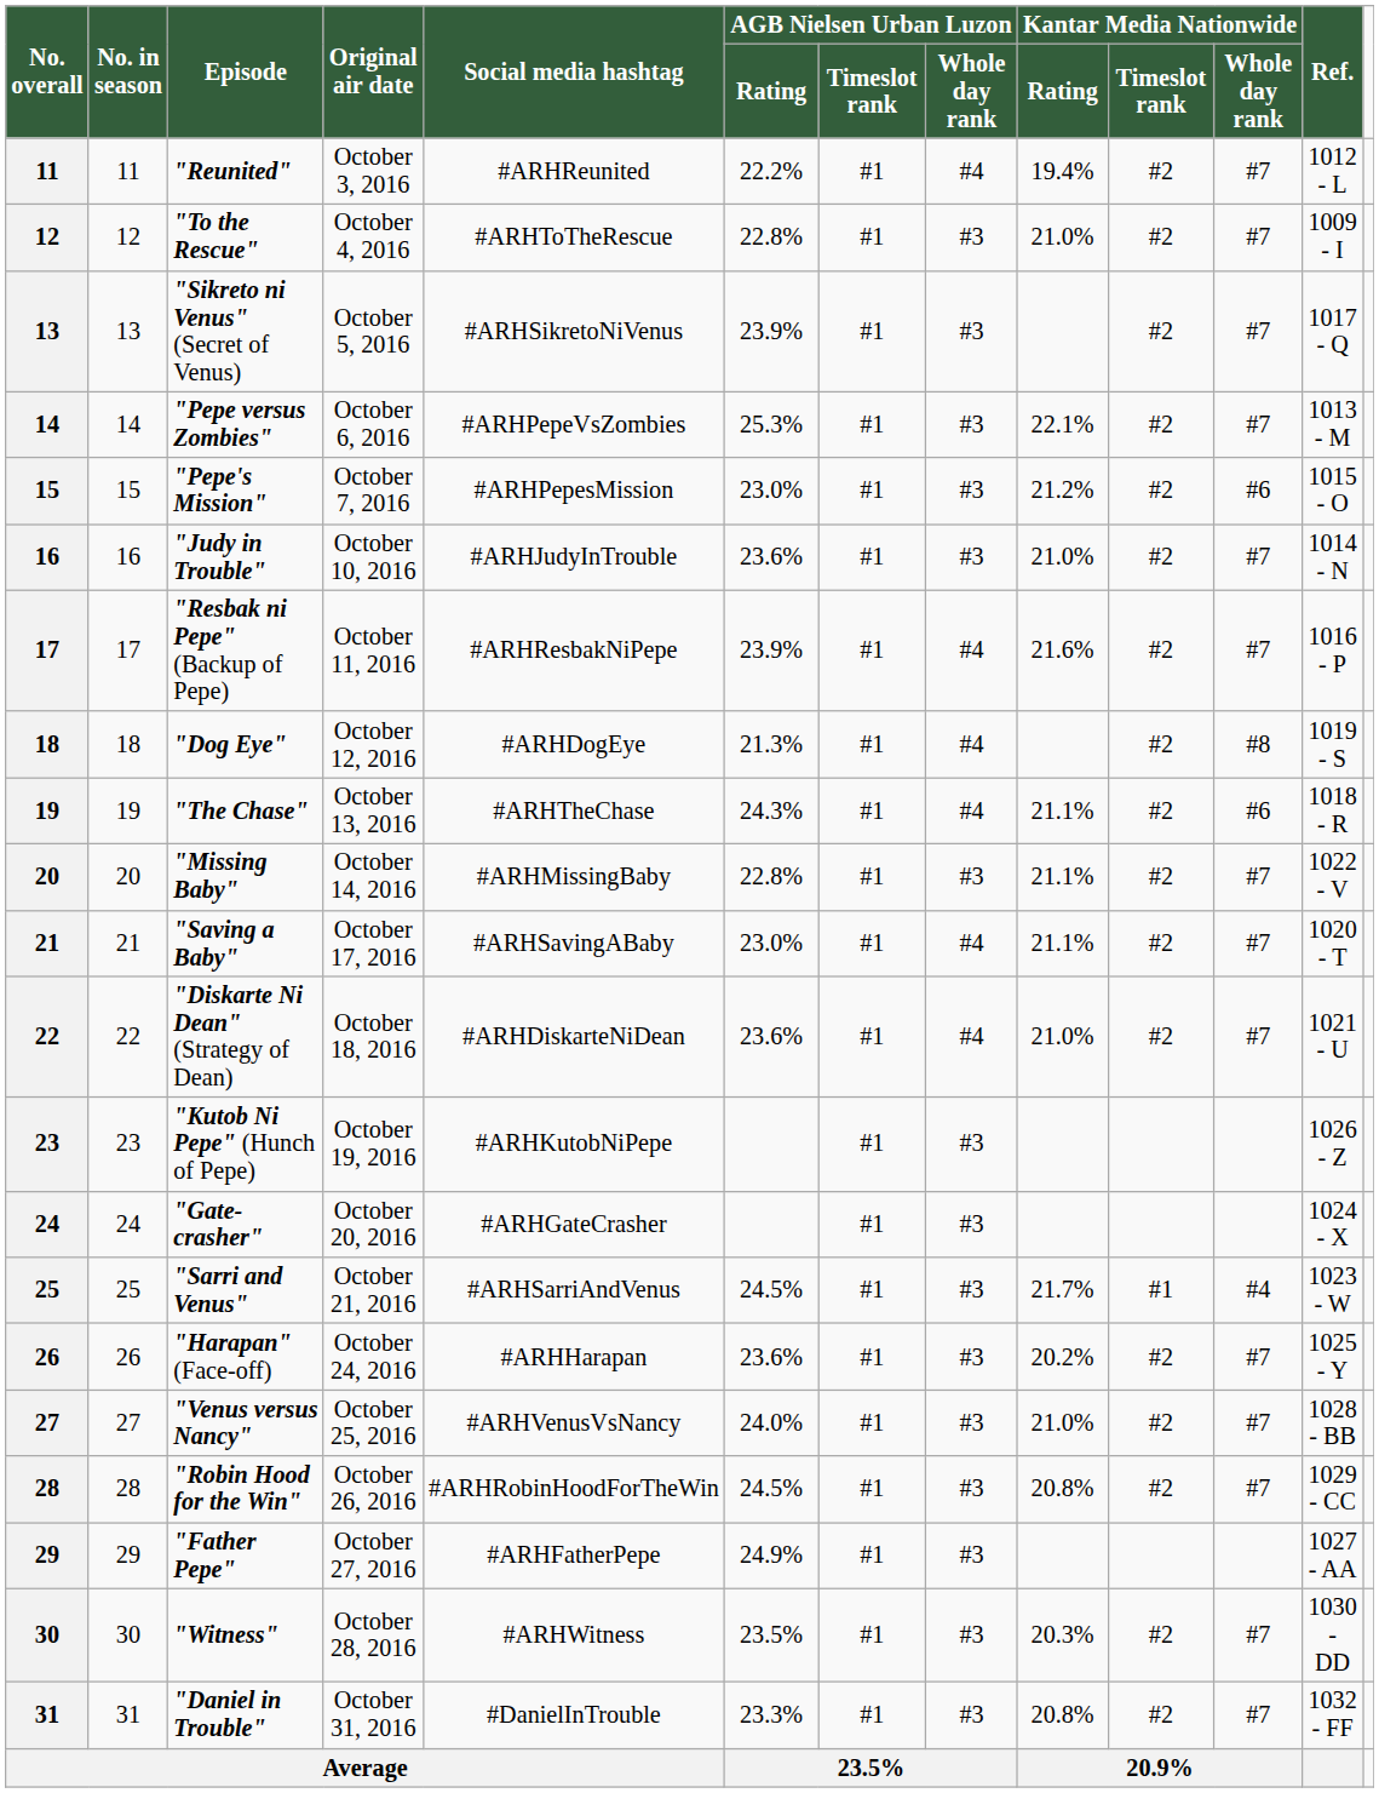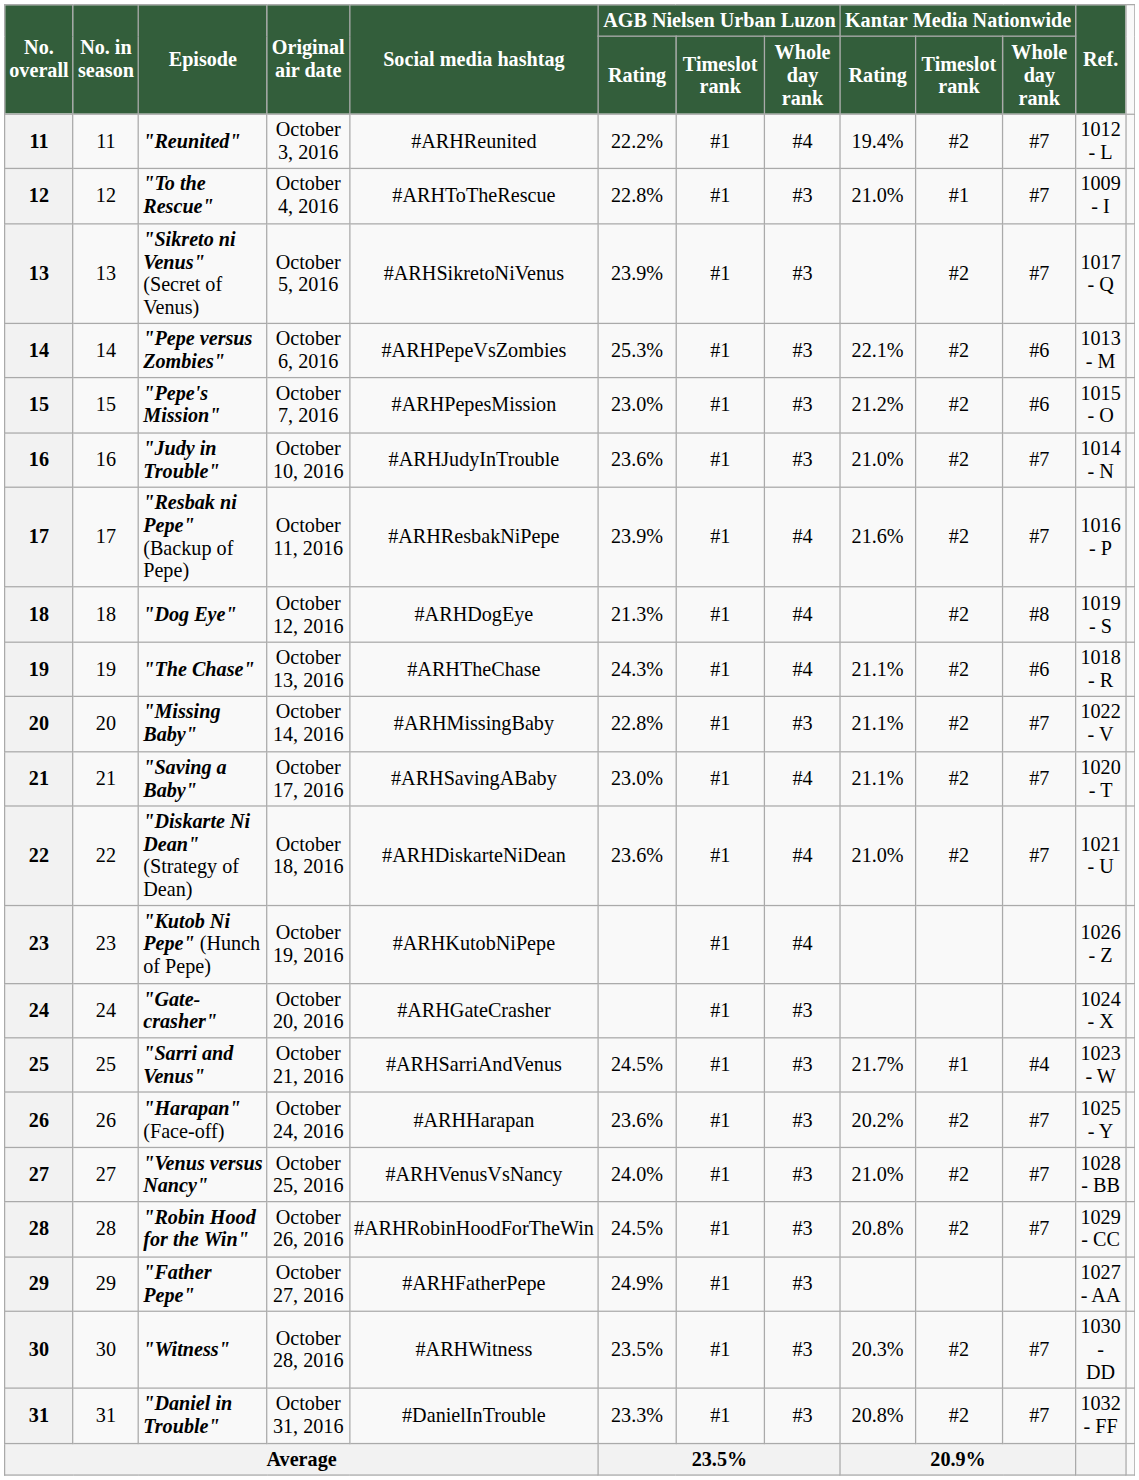 <table class="wikitable" style="text-align:center; font-size:100%; line-height:18px;"  width="100%">
 <tr>
 <th style="background-color:#335E3B; color:#ffffff;" rowspan="2">No.<br>overall</th>
 <th style="background-color:#335E3B; color:#ffffff;" rowspan="2">No. in<br>season</th>
 <th style="background-color:#335E3B; color:#ffffff;" rowspan="2">Episode</th>
 <th style="background:#335E3B; color:white" rowspan="2">Original air date</th>
 <th style="background:#335E3B; color:white" rowspan="2">Social media hashtag</th>
 <th style="background-color:#335E3B; color:#ffffff;" colspan="3">AGB Nielsen Urban Luzon</th>
 <th style="background-color:#335E3B; color:#ffffff;" colspan="3">Kantar Media Nationwide</th>
 <th style="background-color:#335E3B; color:#ffffff;" rowspan="2">Ref.</th>
 </tr>
 <tr>
 <th style="background-color:#335E3B; width:75px; color:#ffffff;">Rating</th>
 <th style="background-color:#335E3B; width:75px; color:#ffffff;">Timeslot<br>rank</th>
 <th style="background-color:#335E3B; width:75px; color:#ffffff;">Whole day<br>rank</th>
 <th style="background-color:#335E3B; width:75px; color:#ffffff;">Rating</th>
 <th style="background-color:#335E3B; width:75px; color:#ffffff;">Timeslot<br>rank</th>
 <th style="background-color:#335E3B; width:75px; color:#ffffff;">Whole day<br>rank</th>
 </tr>
 <tr>
 <th>11</th>
 <td>11</td>
 <td style="text-align: left;"><strong><em>"Reunited"</em></strong></td>
 <td>October 3, 2016</td>
 <td>#ARHReunited</td>
 <td>22.2%</td>
 <td>#1</td>
 <td>#4</td>
 <td>19.4%</td>
 <td>#2</td>
 <td>#7</td>
 <td>1012 - L</td>
 <td></td>
 </tr>
 <tr>
 <th>12</th>
 <td>12</td>
 <td style="text-align: left;"><strong><em>"To the Rescue"</em></strong></td>
 <td>October 4, 2016</td>
 <td>#ARHToTheRescue</td>
 <td>22.8%</td>
 <td>#1</td>
 <td>#3</td>
 <td>21.0%</td>
-<td>#2</td>
+<td>#1</td>
 <td>#7</td>
 <td>1009 - I</td>
 <td></td>
 </tr>
 <tr>
 <th>13</th>
 <td>13</td>
 <td style="text-align: left;"><strong><em>"Sikreto ni Venus"</em></strong> (Secret of Venus)</td>
 <td>October 5, 2016</td>
 <td>#ARHSikretoNiVenus</td>
 <td>23.9%</td>
 <td>#1</td>
 <td>#3</td>
 <td></td>
 <td>#2</td>
 <td>#7</td>
 <td>1017 - Q</td>
 <td></td>
 </tr>
 <tr>
 <th>14</th>
 <td>14</td>
 <td style="text-align: left;"><strong><em>"Pepe versus Zombies"</em></strong></td>
 <td>October 6, 2016</td>
 <td>#ARHPepeVsZombies</td>
 <td>25.3%</td>
 <td>#1</td>
 <td>#3</td>
 <td>22.1%</td>
 <td>#2</td>
-<td>#7</td>
+<td>#6</td>
 <td>1013 - M</td>
 <td></td>
 </tr>
 <tr>
 <th>15</th>
 <td>15</td>
 <td style="text-align: left;"><strong><em>"Pepe's Mission"</em></strong></td>
 <td>October 7, 2016</td>
 <td>#ARHPepesMission</td>
 <td>23.0%</td>
 <td>#1</td>
 <td>#3</td>
 <td>21.2%</td>
 <td>#2</td>
 <td>#6</td>
 <td>1015 - O</td>
 <td></td>
 </tr>
 <tr>
 <th>16</th>
 <td>16</td>
 <td style="text-align: left;"><strong><em>"Judy in Trouble"</em></strong></td>
 <td>October 10, 2016</td>
 <td>#ARHJudyInTrouble</td>
 <td>23.6%</td>
 <td>#1</td>
 <td>#3</td>
 <td>21.0%</td>
 <td>#2</td>
 <td>#7</td>
 <td>1014 - N</td>
 <td></td>
 </tr>
 <tr>
 <th>17</th>
 <td>17</td>
 <td style="text-align: left;"><strong><em>"Resbak ni Pepe"</em></strong> (Backup of Pepe)</td>
 <td>October 11, 2016</td>
 <td>#ARHResbakNiPepe</td>
 <td>23.9%</td>
 <td>#1</td>
 <td>#4</td>
 <td>21.6%</td>
 <td>#2</td>
 <td>#7</td>
 <td>1016 - P</td>
 <td></td>
 </tr>
 <tr>
 <th>18</th>
 <td>18</td>
 <td style="text-align: left;"><strong><em>"Dog Eye"</em></strong></td>
 <td>October 12, 2016</td>
 <td>#ARHDogEye</td>
 <td>21.3%</td>
 <td>#1</td>
 <td>#4</td>
 <td></td>
 <td>#2</td>
 <td>#8</td>
 <td>1019 - S</td>
 <td></td>
 </tr>
 <tr>
 <th>19</th>
 <td>19</td>
 <td style="text-align: left;"><strong><em>"The Chase"</em></strong></td>
 <td>October 13, 2016</td>
 <td>#ARHTheChase</td>
 <td>24.3%</td>
 <td>#1</td>
 <td>#4</td>
 <td>21.1%</td>
 <td>#2</td>
 <td>#6</td>
 <td>1018 - R</td>
 <td></td>
 </tr>
 <tr>
 <th>20</th>
 <td>20</td>
 <td style="text-align: left;"><strong><em>"Missing Baby"</em></strong></td>
 <td>October 14, 2016</td>
 <td>#ARHMissingBaby</td>
 <td>22.8%</td>
 <td>#1</td>
 <td>#3</td>
 <td>21.1%</td>
 <td>#2</td>
 <td>#7</td>
 <td>1022 - V</td>
 <td></td>
 </tr>
 <tr>
 <th>21</th>
 <td>21</td>
 <td style="text-align: left;"><strong><em>"Saving a Baby"</em></strong></td>
 <td>October 17, 2016</td>
 <td>#ARHSavingABaby</td>
 <td>23.0%</td>
 <td>#1</td>
 <td>#4</td>
 <td>21.1%</td>
 <td>#2</td>
 <td>#7</td>
 <td>1020 - T</td>
 <td></td>
 </tr>
 <tr>
 <th>22</th>
 <td>22</td>
 <td style="text-align: left;"><strong><em>"Diskarte Ni Dean"</em></strong> (Strategy of Dean)</td>
 <td>October 18, 2016</td>
 <td>#ARHDiskarteNiDean</td>
 <td>23.6%</td>
 <td>#1</td>
 <td>#4</td>
 <td>21.0%</td>
 <td>#2</td>
 <td>#7</td>
 <td>1021 - U</td>
 <td></td>
 </tr>
 <tr>
 <th>23</th>
 <td>23</td>
 <td style="text-align: left;"><strong><em>"Kutob Ni Pepe"</em></strong> (Hunch of Pepe)</td>
 <td>October 19, 2016</td>
 <td>#ARHKutobNiPepe</td>
 <td></td>
 <td>#1</td>
-<td>#3</td>
+<td>#4</td>
 <td></td>
 <td></td>
 <td></td>
 <td>1026 - Z</td>
 <td></td>
 </tr>
 <tr>
 <th>24</th>
 <td>24</td>
 <td style="text-align: left;"><strong><em>"Gate-crasher"</em></strong></td>
 <td>October 20, 2016</td>
 <td>#ARHGateCrasher</td>
 <td></td>
 <td>#1</td>
 <td>#3</td>
 <td></td>
 <td></td>
 <td></td>
 <td>1024 - X</td>
 <td></td>
 </tr>
 <tr>
 <th>25</th>
 <td>25</td>
 <td style="text-align: left;"><strong><em>"Sarri and Venus"</em></strong></td>
 <td>October 21, 2016</td>
 <td>#ARHSarriAndVenus</td>
 <td>24.5%</td>
 <td>#1</td>
 <td>#3</td>
 <td>21.7%</td>
 <td>#1</td>
 <td>#4</td>
 <td>1023 - W</td>
 <td></td>
 </tr>
 <tr>
 <th>26</th>
 <td>26</td>
 <td style="text-align: left;"><strong><em>"Harapan"</em></strong> (Face-off)</td>
 <td>October 24, 2016</td>
 <td>#ARHHarapan</td>
 <td>23.6%</td>
 <td>#1</td>
 <td>#3</td>
 <td>20.2%</td>
 <td>#2</td>
 <td>#7</td>
 <td>1025 - Y</td>
 <td></td>
 </tr>
 <tr>
 <th>27</th>
 <td>27</td>
 <td style="text-align: left;"><strong><em>"Venus versus Nancy"</em></strong></td>
 <td>October 25, 2016</td>
 <td>#ARHVenusVsNancy</td>
 <td>24.0%</td>
 <td>#1</td>
 <td>#3</td>
 <td>21.0%</td>
 <td>#2</td>
 <td>#7</td>
 <td>1028 - BB</td>
 <td></td>
 </tr>
 <tr>
 <th>28</th>
 <td>28</td>
 <td style="text-align: left;"><strong><em>"Robin Hood for the Win"</em></strong></td>
 <td>October 26, 2016</td>
 <td>#ARHRobinHoodForTheWin</td>
 <td>24.5%</td>
 <td>#1</td>
 <td>#3</td>
 <td>20.8%</td>
 <td>#2</td>
 <td>#7</td>
 <td>1029 - CC</td>
 <td></td>
 </tr>
 <tr>
 <th>29</th>
 <td>29</td>
 <td style="text-align: left;"><strong><em>"Father Pepe"</em></strong></td>
 <td>October 27, 2016</td>
 <td>#ARHFatherPepe</td>
 <td>24.9%</td>
 <td>#1</td>
 <td>#3</td>
 <td></td>
 <td></td>
 <td></td>
 <td>1027 - AA</td>
 <td></td>
 </tr>
 <tr>
 <th>30</th>
 <td>30</td>
 <td style="text-align: left;"><strong><em>"Witness"</em></strong></td>
 <td>October 28, 2016</td>
 <td>#ARHWitness</td>
 <td>23.5%</td>
 <td>#1</td>
 <td>#3</td>
 <td>20.3%</td>
 <td>#2</td>
 <td>#7</td>
 <td>1030 - DD</td>
 <td></td>
 </tr>
 <tr>
 <th>31</th>
 <td>31</td>
 <td style="text-align: left;"><strong><em>"Daniel in Trouble"</em></strong></td>
 <td>October 31, 2016</td>
 <td>#DanielInTrouble</td>
 <td>23.3%</td>
 <td>#1</td>
 <td>#3</td>
 <td>20.8%</td>
 <td>#2</td>
 <td>#7</td>
 <td>1032 - FF</td>
 <td></td>
 </tr>
 <tr>
 <th colspan="5">Average</th>
 <th colspan="3">23.5%</th>
 <th colspan="3">20.9%</th>
 <th></th>
 </tr>
 </table>
